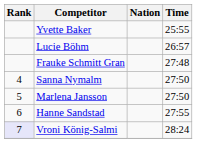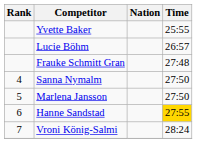 <table class="wikitable sortable" style="text-align:left">
 <tr>
 <th data-sort-type="number">Rank</th>
 <th class="unsortable">Competitor</th>
 <th>Nation</th>
 <th>Time</th>
 </tr>
 <tr>
 <td style="text-align:center"></td>
 <td><a href='#'>Yvette Baker</a></td>
 <td></td>
 <td style="text-align:right">25:55</td>
 </tr>
 <tr>
 <td style="text-align:center"></td>
 <td><a href='#'>Lucie Böhm </a></td>
 <td></td>
 <td style="text-align:right">26:57</td>
 </tr>
 <tr>
 <td style="text-align:center"></td>
 <td><a href='#'>Frauke Schmitt Gran</a></td>
 <td></td>
 <td style="text-align:right">27:48</td>
 </tr>
 <tr>
 <td style="text-align:center">4</td>
 <td><a href='#'>Sanna Nymalm</a></td>
 <td></td>
 <td style="text-align:right">27:50</td>
 </tr>
 <tr>
 <td style="text-align:center">5</td>
 <td><a href='#'>Marlena Jansson</a></td>
 <td></td>
 <td style="text-align:right">27:50</td>
 </tr>
 <tr>
 <td style="text-align:center">6</td>
 <td><a href='#'>Hanne Sandstad</a></td>
 <td></td>
-<td style="text-align:right">27:55</td>
+<td style="background: gold; text-align:right">27:55</td>
 </tr>
 <tr>
-<td style="background: lavender; text-align:center">7</td>
+<td style="text-align:center">7</td>
 <td><a href='#'>Vroni König-Salmi</a></td>
 <td></td>
 <td style="text-align:right">28:24</td>
 </tr>
 <tr>
 </tr>
 </table>
